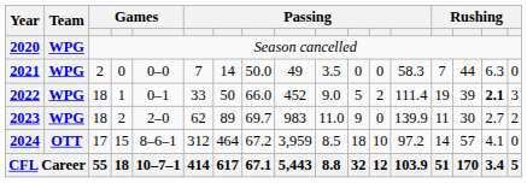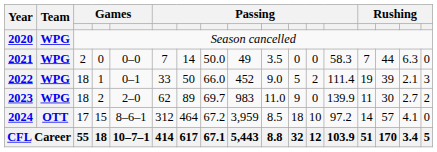 <table class="wikitable" style="text-align:center;">
 <tr>
 <th rowspan="2">Year</th>
 <th rowspan="2">Team</th>
 <th colspan="3">Games</th>
 <th colspan="8">Passing</th>
 <th colspan="4">Rushing</th>
 </tr>
 <tr>
 <th></th>
 <th></th>
 <th></th>
 <th></th>
 <th></th>
 <th></th>
 <th></th>
 <th></th>
 <th></th>
 <th></th>
 <th></th>
 <th></th>
 <th></th>
 <th></th>
 <th></th>
 </tr>
 <tr>
 <th><a href='#'>2020</a></th>
 <th><a href='#'>WPG</a></th>
 <td colspan="15"><em>Season cancelled</em></td>
 </tr>
 <tr>
 <th><a href='#'>2021</a></th>
 <th><a href='#'>WPG</a></th>
 <td>2</td>
 <td>0</td>
 <td>0–0</td>
 <td>7</td>
 <td>14</td>
 <td>50.0</td>
 <td>49</td>
 <td>3.5</td>
 <td>0</td>
 <td>0</td>
 <td>58.3</td>
 <td>7</td>
 <td>44</td>
 <td>6.3</td>
 <td>0</td>
 </tr>
 <tr>
 <th><a href='#'>2022</a></th>
 <th><a href='#'>WPG</a></th>
 <td>18</td>
 <td>1</td>
 <td>0–1</td>
 <td>33</td>
 <td>50</td>
 <td>66.0</td>
 <td>452</td>
 <td>9.0</td>
 <td>5</td>
 <td>2</td>
 <td>111.4</td>
 <td>19</td>
 <td>39</td>
-<td><strong>2.1</strong></td>
+<td>2.1</td>
 <td>3</td>
 </tr>
 <tr>
 <th><a href='#'>2023</a></th>
 <th><a href='#'>WPG</a></th>
 <td>18</td>
 <td>2</td>
 <td>2–0</td>
 <td>62</td>
 <td>89</td>
 <td>69.7</td>
 <td>983</td>
 <td>11.0</td>
 <td>9</td>
 <td>0</td>
 <td>139.9</td>
 <td>11</td>
 <td>30</td>
 <td>2.7</td>
 <td>2</td>
 </tr>
 <tr>
 <th><a href='#'>2024</a></th>
 <th><a href='#'>OTT</a></th>
 <td>17</td>
 <td>15</td>
 <td>8–6–1</td>
 <td>312</td>
 <td>464</td>
 <td>67.2</td>
 <td>3,959</td>
 <td>8.5</td>
 <td>18</td>
 <td>10</td>
 <td>97.2</td>
 <td>14</td>
 <td>57</td>
 <td>4.1</td>
 <td>0</td>
 </tr>
 <tr>
 <th colspan="2"><a href='#'>CFL</a> Career</th>
 <th>55</th>
 <th>18</th>
 <th>10–7–1</th>
 <th>414</th>
 <th>617</th>
 <th>67.1</th>
 <th>5,443</th>
 <th>8.8</th>
 <th>32</th>
 <th>12</th>
 <th>103.9</th>
 <th>51</th>
 <th>170</th>
 <th>3.4</th>
 <th>5</th>
 </tr>
 </table>
